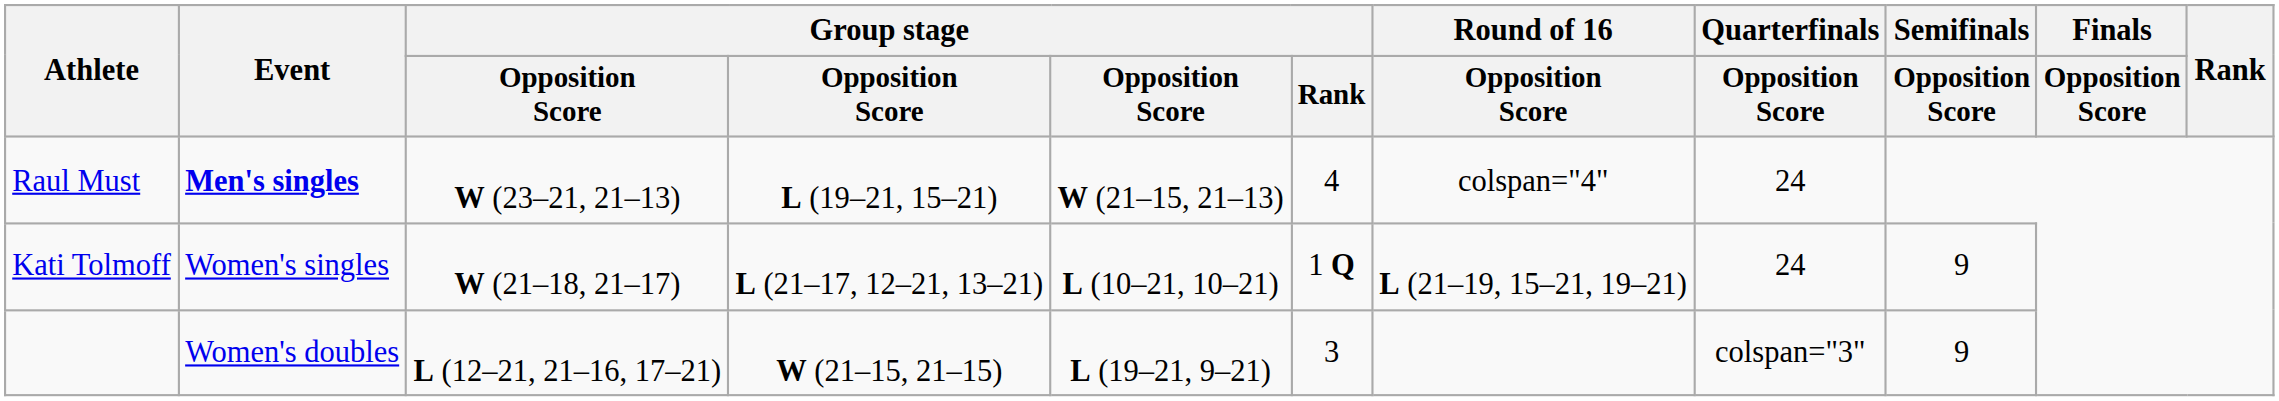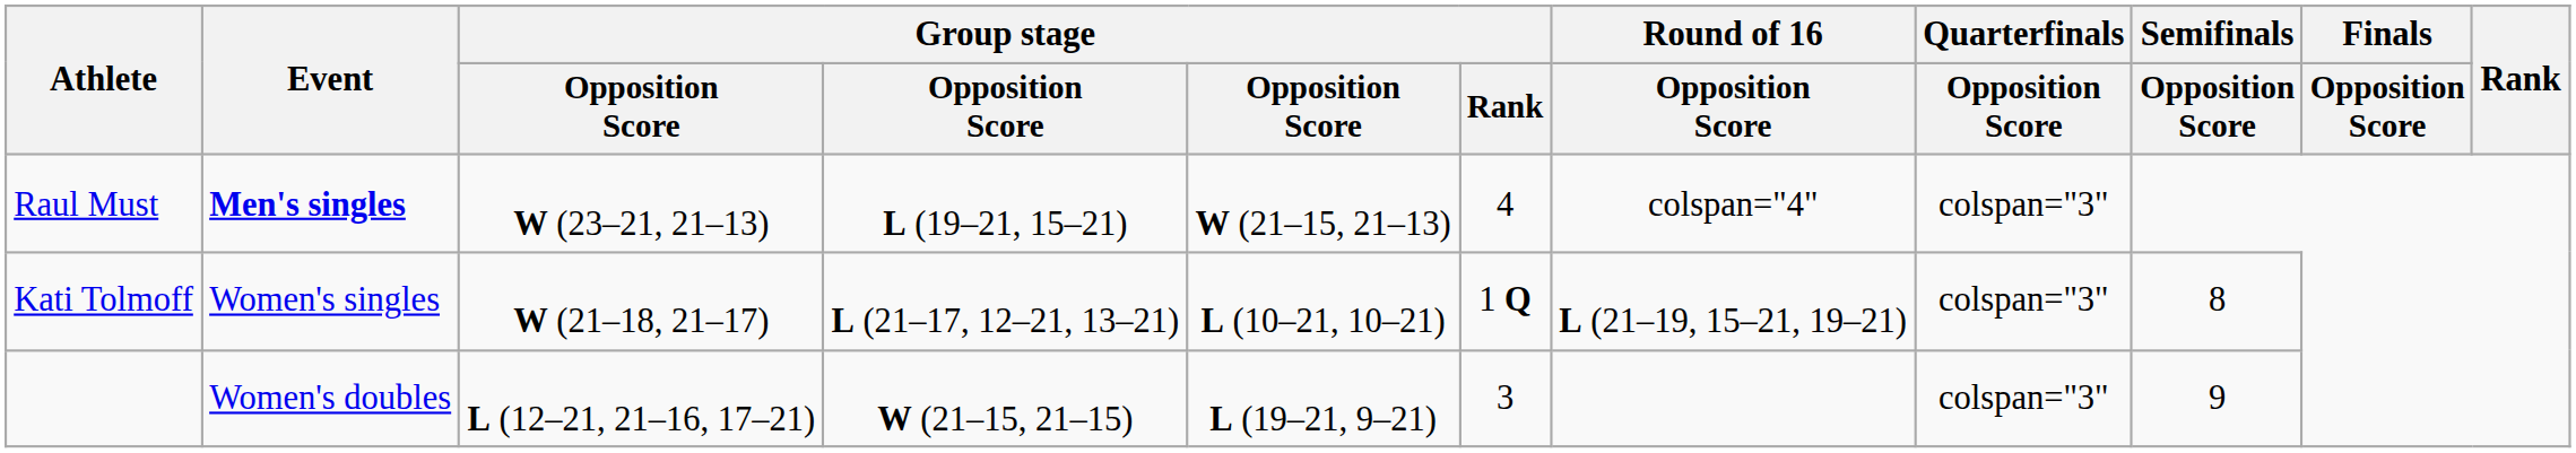 <table class=wikitable style="font-size:90%">
 <tr>
 <th rowspan="2">Athlete</th>
 <th rowspan="2">Event</th>
 <th colspan="4">Group stage</th>
 <th>Round of 16</th>
 <th>Quarterfinals</th>
 <th>Semifinals</th>
 <th>Finals</th>
 <th rowspan="2">Rank</th>
 </tr>
 <tr style="font-size:95%">
 <th>Opposition<br>Score</th>
 <th>Opposition<br>Score</th>
 <th>Opposition<br>Score</th>
 <th>Rank</th>
 <th>Opposition<br>Score</th>
 <th>Opposition<br>Score</th>
 <th>Opposition<br>Score</th>
 <th>Opposition<br>Score</th>
 </tr>
 <tr align=center>
 <td align=left><a href='#'>Raul Must</a></td>
 <td align=left><strong><a href='#'>Men's singles</a></strong></td>
 <td><br><strong>W</strong> (23–21, 21–13)</td>
 <td><br><strong>L</strong> (19–21, 15–21)</td>
 <td><br><strong>W</strong> (21–15, 21–13)</td>
 <td>4</td>
 <td>colspan="4" </td>
-<td>24</td>
+<td>colspan="3" </td>
 </tr>
 <tr align=center>
 <td align=left><a href='#'>Kati Tolmoff</a></td>
 <td align=left><a href='#'>Women's singles</a></td>
 <td><br><strong>W</strong> (21–18, 21–17)</td>
 <td><br><strong>L</strong> (21–17, 12–21, 13–21)</td>
 <td><br><strong>L</strong> (10–21, 10–21)</td>
 <td>1 <strong>Q</strong></td>
 <td><br><strong>L</strong> (21–19, 15–21, 19–21)</td>
-<td>24</td>
-<td>9</td>
+<td>colspan="3" </td>
+<td>8</td>
 </tr>
 <tr align=center>
 <td align=left><br></td>
 <td align=left><a href='#'>Women's doubles</a></td>
 <td><br><strong>L</strong> (12–21, 21–16, 17–21)</td>
 <td><br><strong>W</strong> (21–15, 21–15)</td>
 <td><br><strong>L</strong> (19–21, 9–21)</td>
 <td>3</td>
 <td></td>
 <td>colspan="3" </td>
 <td>9</td>
 </tr>
 </table>
